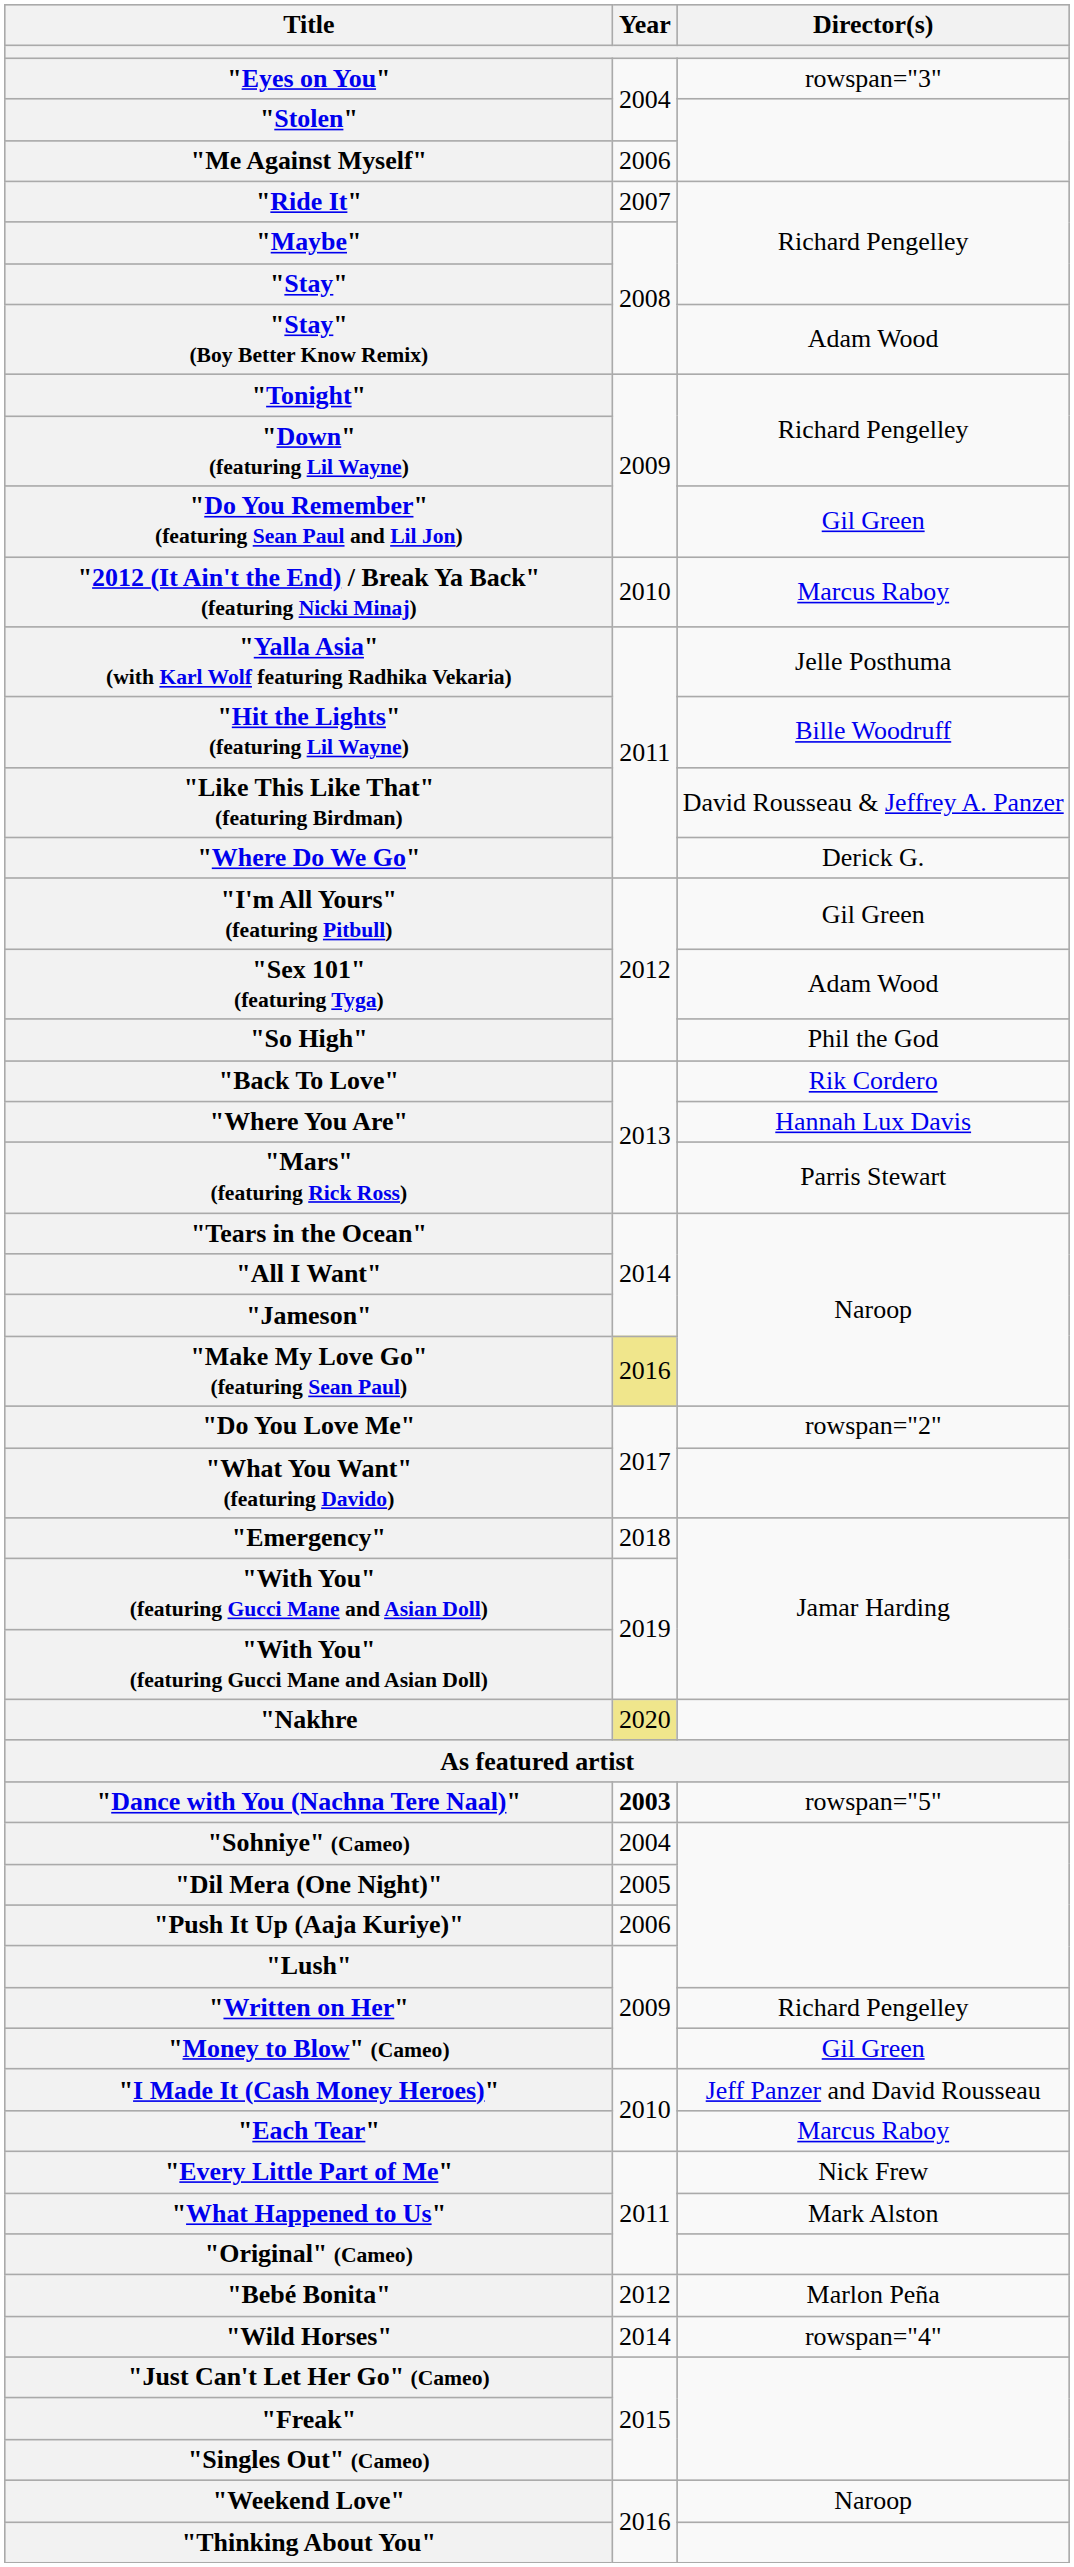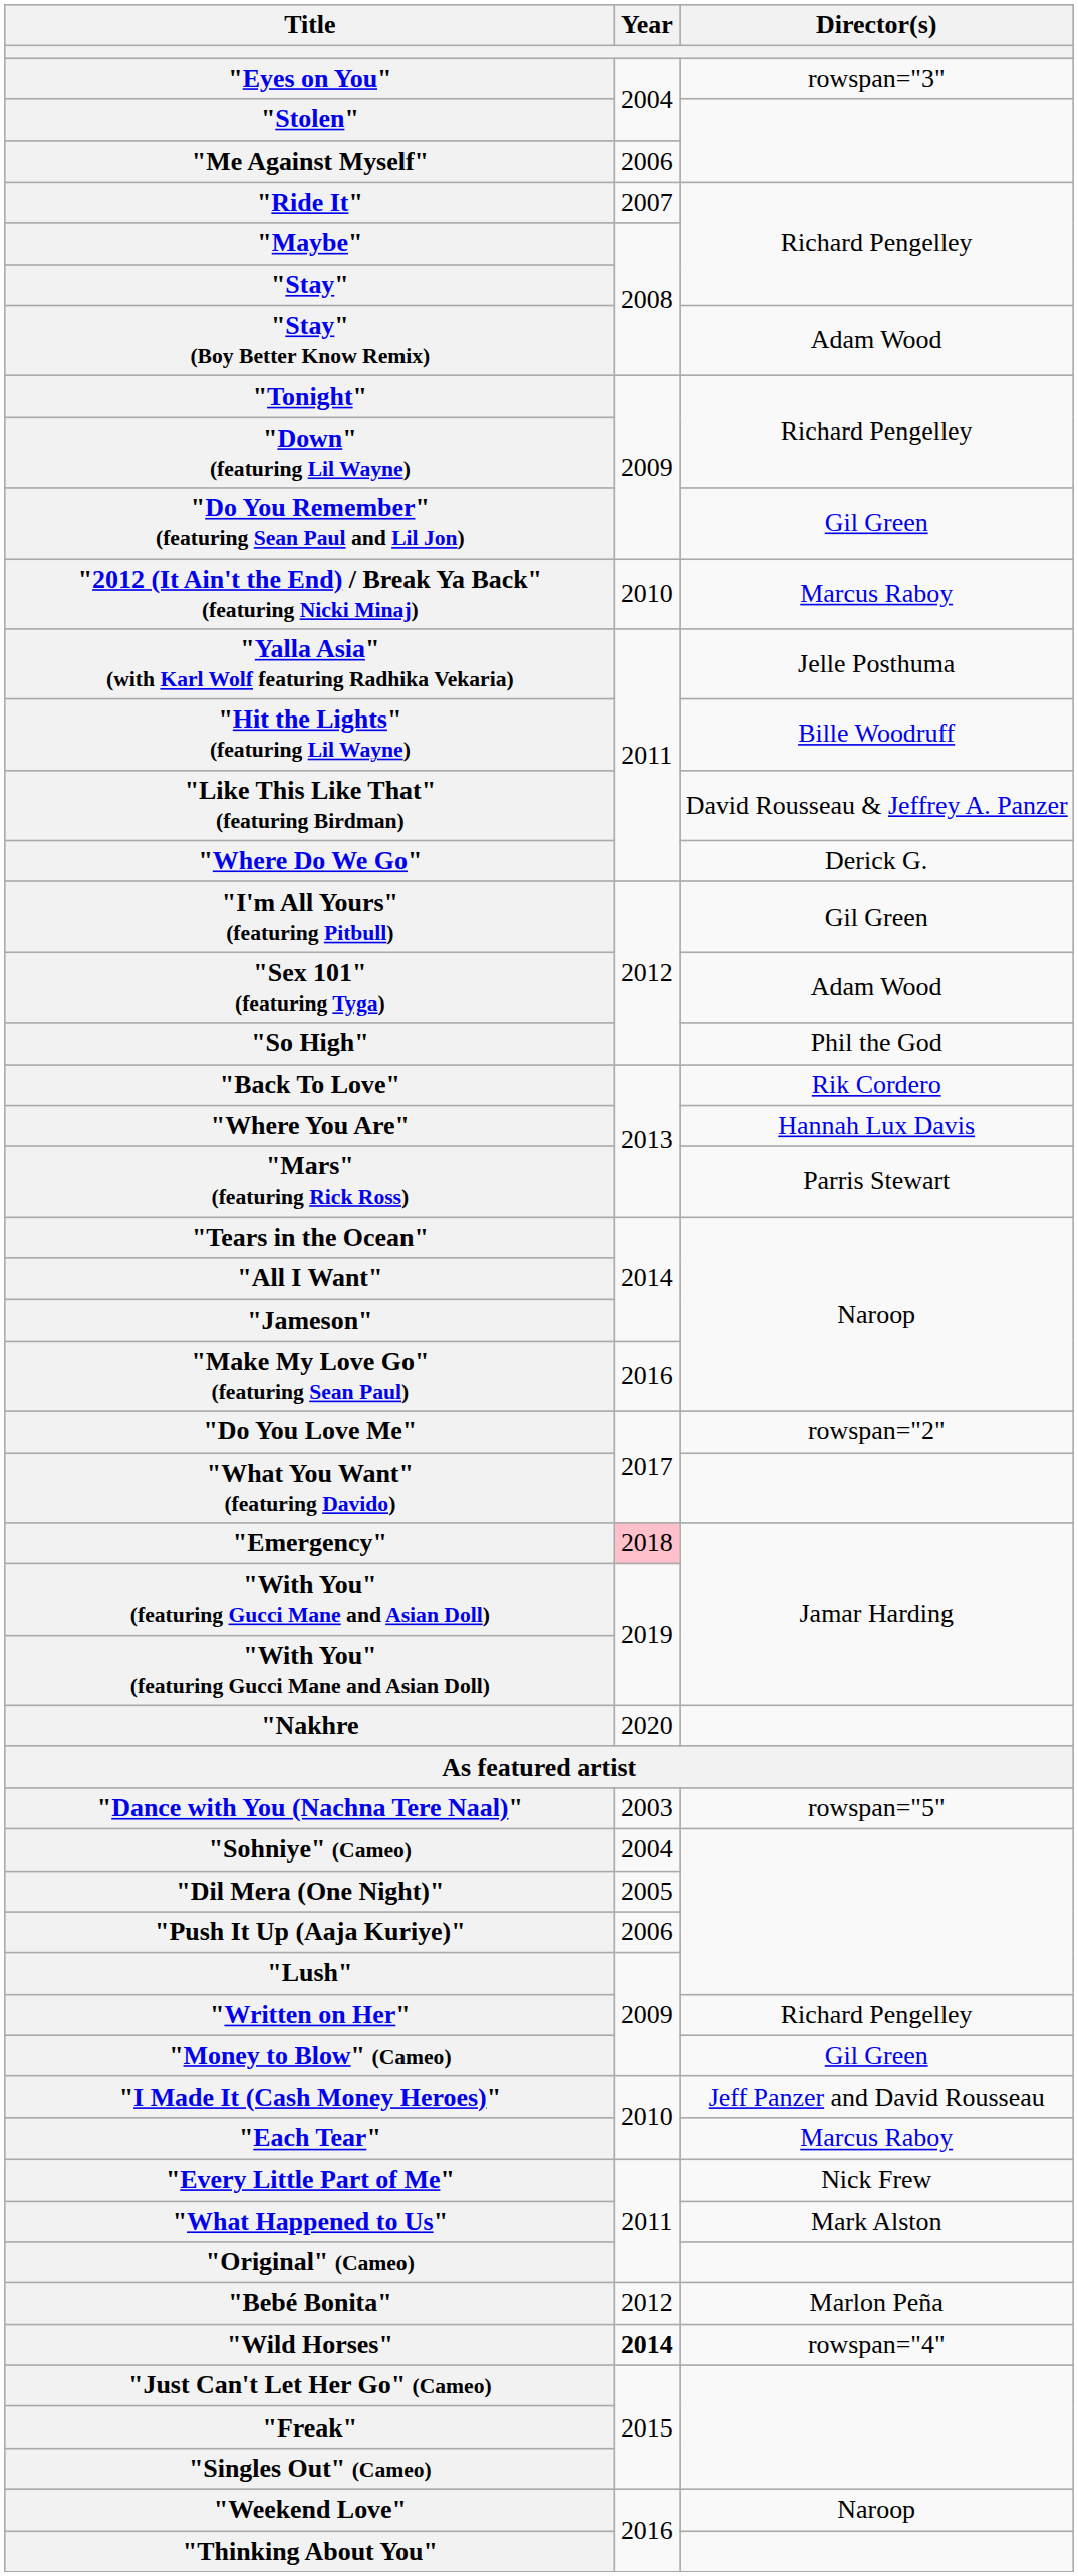 <table class="wikitable plainrowheaders" style="text-align:center;">
 <tr>
 <th scope="col" style="width:23em;">Title</th>
 <th scope="col" style="width:1em;">Year</th>
 <th scope="col">Director(s)</th>
 </tr>
 <tr>
 <th scope="col" colspan="3"></th>
 </tr>
 <tr>
 <th scope="row">"<a href='#'>Eyes on You</a>"</th>
 <td rowspan="2">2004</td>
 <td>rowspan="3" </td>
 </tr>
 <tr>
 <th scope="row">"<a href='#'>Stolen</a>"</th>
 </tr>
 <tr>
 <th scope="row">"Me Against Myself"</th>
 <td>2006</td>
 </tr>
 <tr>
 <th scope="row">"<a href='#'>Ride It</a>"</th>
 <td>2007</td>
 <td rowspan="3">Richard Pengelley</td>
 </tr>
 <tr>
 <th scope="row">"<a href='#'>Maybe</a>"</th>
 <td rowspan="3">2008</td>
 </tr>
 <tr>
 <th scope="row">"<a href='#'>Stay</a>"</th>
 </tr>
 <tr>
 <th scope="row">"<a href='#'>Stay</a>"<br><small>(Boy Better Know Remix)</small></th>
 <td>Adam Wood</td>
 </tr>
 <tr>
 <th scope="row">"<a href='#'>Tonight</a>"</th>
 <td rowspan="3">2009</td>
 <td rowspan="2">Richard Pengelley</td>
 </tr>
 <tr>
 <th scope="row">"<a href='#'>Down</a>"<br><small>(featuring <a href='#'>Lil Wayne</a>)</small></th>
 </tr>
 <tr>
 <th scope="row">"<a href='#'>Do You Remember</a>"<br><small>(featuring <a href='#'>Sean Paul</a> and <a href='#'>Lil Jon</a>)</small></th>
 <td><a href='#'>Gil Green</a></td>
 </tr>
 <tr>
 <th scope="row">"<a href='#'>2012 (It Ain't the End)</a> / Break Ya Back"<br><small>(featuring <a href='#'>Nicki Minaj</a>)</small></th>
 <td>2010</td>
 <td><a href='#'>Marcus Raboy</a></td>
 </tr>
 <tr>
 <th scope="row">"<a href='#'>Yalla Asia</a>"<br><small>(with <a href='#'>Karl Wolf</a> featuring Radhika Vekaria)</small></th>
 <td rowspan="4">2011</td>
 <td>Jelle Posthuma</td>
 </tr>
 <tr>
 <th scope="row">"<a href='#'>Hit the Lights</a>"<br><small>(featuring <a href='#'>Lil Wayne</a>)</small></th>
 <td><a href='#'>Bille Woodruff</a></td>
 </tr>
 <tr>
 <th scope="row">"Like This Like That"<br><small>(featuring Birdman)</small></th>
 <td>David Rousseau & <a href='#'>Jeffrey A. Panzer</a></td>
 </tr>
 <tr>
 <th scope="row">"<a href='#'>Where Do We Go</a>"</th>
 <td>Derick G.</td>
 </tr>
 <tr>
 <th scope="row">"I'm All Yours"<br><small>(featuring <a href='#'>Pitbull</a>)</small></th>
 <td rowspan="3">2012</td>
 <td>Gil Green</td>
 </tr>
 <tr>
 <th scope="row">"Sex 101"<br><small>(featuring <a href='#'>Tyga</a>)</small></th>
 <td>Adam Wood</td>
 </tr>
 <tr>
 <th scope="row">"So High"</th>
 <td>Phil the God</td>
 </tr>
 <tr>
 <th scope="row">"Back To Love"</th>
 <td rowspan="3">2013</td>
 <td><a href='#'>Rik Cordero</a></td>
 </tr>
 <tr>
 <th scope="row">"Where You Are"</th>
 <td><a href='#'>Hannah Lux Davis</a></td>
 </tr>
 <tr>
 <th scope="row">"Mars"<br><small>(featuring <a href='#'>Rick Ross</a>)</small></th>
 <td>Parris Stewart</td>
 </tr>
 <tr>
 <th scope="row">"Tears in the Ocean"</th>
 <td rowspan="3">2014</td>
 <td rowspan="4">Naroop</td>
 </tr>
 <tr>
 <th scope="row">"All I Want"</th>
 </tr>
 <tr>
 <th scope="row">"Jameson"</th>
 </tr>
 <tr>
 <th scope="row">"Make My Love Go"<br><small>(featuring <a href='#'>Sean Paul</a>)</small></th>
-<td style="background: khaki;">2016</td>
+<td>2016</td>
 </tr>
 <tr>
 <th scope="row">"Do You Love Me"</th>
 <td rowspan="2">2017</td>
 <td>rowspan="2" </td>
 </tr>
 <tr>
 <th scope="row">"What You Want"<br><small>(featuring <a href='#'>Davido</a>)</small></th>
 </tr>
 <tr>
 <th scope="row">"Emergency"</th>
-<td>2018</td>
+<td style="background: pink;">2018</td>
 <td rowspan="3">Jamar Harding</td>
 </tr>
 <tr>
 <th scope="row">"With You"<br><small>(featuring <a href='#'>Gucci Mane</a> and <a href='#'>Asian Doll</a>)</small></th>
 <td rowspan="2">2019</td>
 </tr>
 <tr>
 <th scope="row">"With You"<br><small>(featuring Gucci Mane and Asian Doll)</small></th>
 </tr>
 <tr>
 <th scope="row">"Nakhre <br></th>
-<td style="background: khaki;">2020</td>
+<td>2020</td>
 <td></td>
 </tr>
 <tr>
 <th scope="col" colspan="3">As featured artist</th>
 </tr>
 <tr>
 <th scope="row">"<a href='#'>Dance with You (Nachna Tere Naal)</a>"<br></th>
-<td><strong>2003</strong></td>
+<td>2003</td>
 <td>rowspan="5" </td>
 </tr>
 <tr>
 <th scope="row">"Sohniye" <small>(Cameo)</small><br></th>
 <td>2004</td>
 </tr>
 <tr>
 <th scope="row">"Dil Mera (One Night)"<br></th>
 <td>2005</td>
 </tr>
 <tr>
 <th scope="row">"Push It Up (Aaja Kuriye)"<br></th>
 <td>2006</td>
 </tr>
 <tr>
 <th scope="row">"Lush"<br></th>
 <td rowspan="3">2009</td>
 </tr>
 <tr>
 <th scope="row">"<a href='#'>Written on Her</a>"<br></th>
 <td>Richard Pengelley</td>
 </tr>
 <tr>
 <th scope="row">"<a href='#'>Money to Blow</a>" <small>(Cameo)</small><br></th>
 <td><a href='#'>Gil Green</a></td>
 </tr>
 <tr>
 <th scope="row">"<a href='#'>I Made It (Cash Money Heroes)</a>"<br></th>
 <td rowspan="2">2010</td>
 <td><a href='#'>Jeff Panzer</a> and David Rousseau</td>
 </tr>
 <tr>
 <th scope="row">"<a href='#'>Each Tear</a>"<br></th>
 <td><a href='#'>Marcus Raboy</a></td>
 </tr>
 <tr>
 <th scope="row">"<a href='#'>Every Little Part of Me</a>"<br></th>
 <td rowspan="3">2011</td>
 <td>Nick Frew</td>
 </tr>
 <tr>
 <th scope="row">"<a href='#'>What Happened to Us</a>"<br></th>
 <td>Mark Alston</td>
 </tr>
 <tr>
 <th scope="row">"Original" <small>(Cameo)</small><br></th>
 <td></td>
 </tr>
 <tr>
 <th scope="row">"Bebé Bonita"<br></th>
 <td>2012</td>
 <td>Marlon Peña</td>
 </tr>
 <tr>
 <th scope="row">"Wild Horses"<br></th>
-<td>2014</td>
+<td><strong>2014</strong></td>
 <td>rowspan="4" </td>
 </tr>
 <tr>
 <th scope="row">"Just Can't Let Her Go" <small>(Cameo)</small><br></th>
 <td rowspan="3">2015</td>
 </tr>
 <tr>
 <th scope="row">"Freak"<br></th>
 </tr>
 <tr>
 <th scope="row">"Singles Out" <small>(Cameo)</small><br></th>
 </tr>
 <tr>
 <th scope="row">"Weekend Love" <br></th>
 <td rowspan="2">2016</td>
 <td>Naroop</td>
 </tr>
 <tr>
 <th scope="row">"Thinking About You" <br></th>
 <td></td>
 </tr>
 </table>
